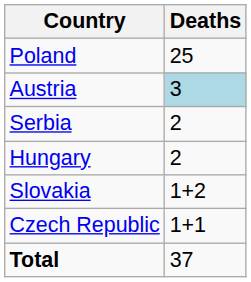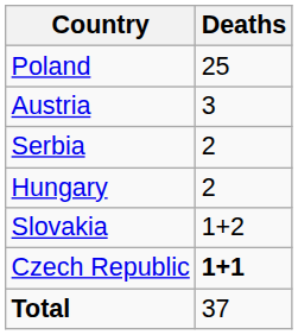 <table class="wikitable">
 <tr>
 <th rowspan=1>Country</th>
 <th rowspan=1>Deaths</th>
 </tr>
 <tr>
 <td><a href='#'>Poland</a></td>
 <td>25</td>
 </tr>
 <tr>
 <td><a href='#'>Austria</a></td>
-<td style="background: lightblue;">3</td>
+<td>3</td>
 </tr>
 <tr>
 <td><a href='#'>Serbia</a></td>
 <td>2</td>
 </tr>
 <tr>
 <td><a href='#'>Hungary</a></td>
 <td>2</td>
 </tr>
 <tr>
 <td><a href='#'>Slovakia</a></td>
 <td>1+2</td>
 </tr>
 <tr>
 <td><a href='#'>Czech Republic</a></td>
-<td>1+1</td>
+<td><strong>1+1</strong></td>
 </tr>
 <tr>
 <td><strong>Total</strong></td>
 <td>37</td>
 </tr>
 </table>
